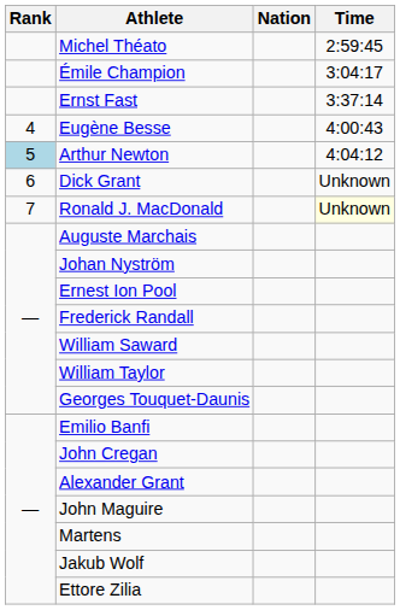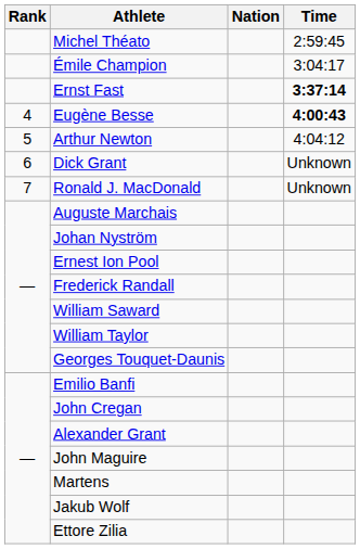 <table class="wikitable sortable" style="text-align:center">
 <tr>
 <th>Rank</th>
 <th>Athlete</th>
 <th>Nation</th>
 <th>Time</th>
 </tr>
 <tr>
 <td></td>
 <td align=left><a href='#'>Michel Théato</a></td>
 <td align=left></td>
 <td>2:59:45</td>
 </tr>
 <tr>
 <td></td>
 <td align=left><a href='#'>Émile Champion</a></td>
 <td align=left></td>
 <td>3:04:17</td>
 </tr>
 <tr>
 <td></td>
 <td align=left><a href='#'>Ernst Fast</a></td>
 <td align=left></td>
-<td>3:37:14</td>
+<td><strong>3:37:14</strong></td>
 </tr>
 <tr>
 <td>4</td>
 <td align=left><a href='#'>Eugène Besse</a></td>
 <td align=left></td>
-<td>4:00:43</td>
+<td><strong>4:00:43</strong></td>
 </tr>
 <tr>
-<td style="background: lightblue;">5</td>
+<td>5</td>
 <td align=left><a href='#'>Arthur Newton</a></td>
 <td align=left></td>
 <td>4:04:12</td>
 </tr>
 <tr>
 <td>6</td>
 <td align=left><a href='#'>Dick Grant</a></td>
 <td align=left></td>
 <td data-sort-value=5:00.00>Unknown</td>
 </tr>
 <tr>
 <td>7</td>
 <td align=left><a href='#'>Ronald J. MacDonald</a></td>
 <td align=left></td>
-<td data-sort-value=5:00.00 style="background: lightyellow;">Unknown</td>
+<td data-sort-value=5:00.00>Unknown</td>
 </tr>
 <tr>
 <td rowspan=7 data-sort-value=8>—</td>
 <td align=left><a href='#'>Auguste Marchais</a></td>
 <td align=left></td>
 <td data-sort-value=8:00.00></td>
 </tr>
 <tr>
 <td align=left><a href='#'>Johan Nyström</a></td>
 <td align=left></td>
 <td data-sort-value=8:00.00></td>
 </tr>
 <tr>
 <td align=left><a href='#'>Ernest Ion Pool</a></td>
 <td align=left></td>
 <td data-sort-value=8:00.00></td>
 </tr>
 <tr>
 <td align=left><a href='#'>Frederick Randall</a></td>
 <td align=left></td>
 <td data-sort-value=8:00.00></td>
 </tr>
 <tr>
 <td align=left><a href='#'>William Saward</a></td>
 <td align=left></td>
 <td data-sort-value=8:00.00></td>
 </tr>
 <tr>
 <td align=left><a href='#'>William Taylor</a></td>
 <td align=left></td>
 <td data-sort-value=8:00.00></td>
 </tr>
 <tr>
 <td align=left><a href='#'>Georges Touquet-Daunis</a></td>
 <td align=left></td>
 <td data-sort-value=8:00.00></td>
 </tr>
 <tr>
 <td rowspan=7 data-sort-value=15>—</td>
 <td align=left><a href='#'>Emilio Banfi</a></td>
 <td align=left></td>
 <td data-sort-value=9:99.99></td>
 </tr>
 <tr>
 <td align=left><a href='#'>John Cregan</a></td>
 <td align=left></td>
 <td data-sort-value=9:99.99></td>
 </tr>
 <tr>
 <td align=left><a href='#'>Alexander Grant</a></td>
 <td align=left></td>
 <td data-sort-value=9:99.99></td>
 </tr>
 <tr>
 <td align=left>John Maguire</td>
 <td align=left></td>
 <td data-sort-value=9:99.99></td>
 </tr>
 <tr>
 <td align=left>Martens</td>
 <td align=left></td>
 <td data-sort-value=9:99.99></td>
 </tr>
 <tr>
 <td align=left>Jakub Wolf</td>
 <td align=left></td>
 <td data-sort-value=9:99.99></td>
 </tr>
 <tr>
 <td align=left>Ettore Zilia</td>
 <td align=left></td>
 <td data-sort-value=9:99.99></td>
 </tr>
 </table>
